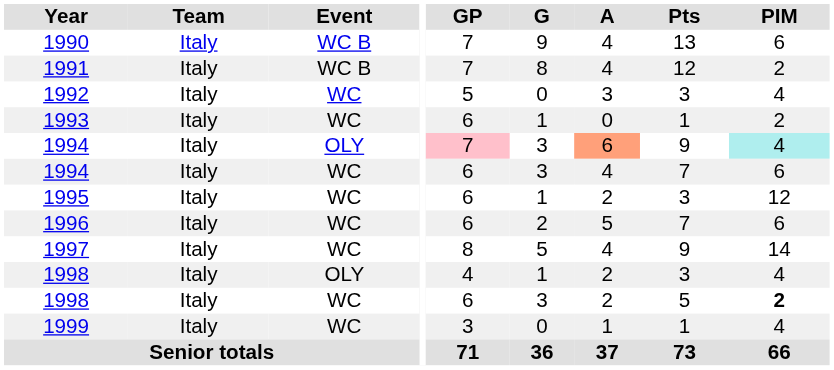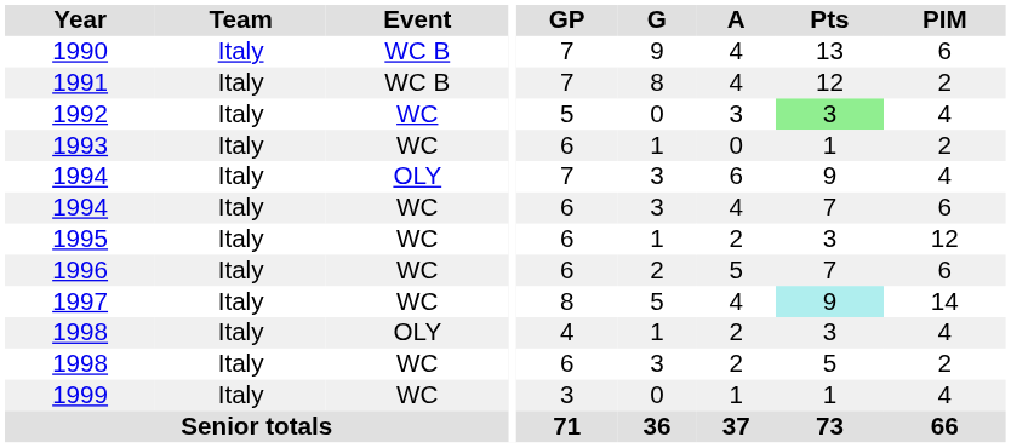 <table border="0" cellpadding="1" cellspacing="0" ID="Table3" style="text-align:center; width:40em">
 <tr bgcolor="#e0e0e0">
 <th>Year</th>
 <th>Team</th>
 <th>Event</th>
 <th rowspan="102" bgcolor="#ffffff"></th>
 <th>GP</th>
 <th>G</th>
 <th>A</th>
 <th>Pts</th>
 <th>PIM</th>
 </tr>
 <tr>
 <td><a href='#'>1990</a></td>
 <td><a href='#'>Italy</a></td>
 <td><a href='#'>WC B</a></td>
 <td>7</td>
 <td>9</td>
 <td>4</td>
 <td>13</td>
 <td>6</td>
 </tr>
 <tr bgcolor="#f0f0f0">
 <td><a href='#'>1991</a></td>
 <td>Italy</td>
 <td>WC B</td>
 <td>7</td>
 <td>8</td>
 <td>4</td>
 <td>12</td>
 <td>2</td>
 </tr>
 <tr>
 <td><a href='#'>1992</a></td>
 <td>Italy</td>
 <td><a href='#'>WC</a></td>
 <td>5</td>
 <td>0</td>
 <td>3</td>
-<td>3</td>
+<td style="background: lightgreen;">3</td>
 <td>4</td>
 </tr>
 <tr bgcolor="#f0f0f0">
 <td><a href='#'>1993</a></td>
 <td>Italy</td>
 <td>WC</td>
 <td>6</td>
 <td>1</td>
 <td>0</td>
 <td>1</td>
 <td>2</td>
 </tr>
 <tr>
 <td><a href='#'>1994</a></td>
 <td>Italy</td>
 <td><a href='#'>OLY</a></td>
-<td style="background: pink;">7</td>
+<td>7</td>
 <td>3</td>
-<td style="background: lightsalmon;">6</td>
+<td>6</td>
 <td>9</td>
-<td style="background: paleturquoise;">4</td>
+<td>4</td>
 </tr>
 <tr bgcolor="#f0f0f0">
 <td><a href='#'>1994</a></td>
 <td>Italy</td>
 <td>WC</td>
 <td>6</td>
 <td>3</td>
 <td>4</td>
 <td>7</td>
 <td>6</td>
 </tr>
 <tr>
 <td><a href='#'>1995</a></td>
 <td>Italy</td>
 <td>WC</td>
 <td>6</td>
 <td>1</td>
 <td>2</td>
 <td>3</td>
 <td>12</td>
 </tr>
 <tr bgcolor="#f0f0f0">
 <td><a href='#'>1996</a></td>
 <td>Italy</td>
 <td>WC</td>
 <td>6</td>
 <td>2</td>
 <td>5</td>
 <td>7</td>
 <td>6</td>
 </tr>
 <tr>
 <td><a href='#'>1997</a></td>
 <td>Italy</td>
 <td>WC</td>
 <td>8</td>
 <td>5</td>
 <td>4</td>
-<td>9</td>
+<td style="background: paleturquoise;">9</td>
 <td>14</td>
 </tr>
 <tr bgcolor="#f0f0f0">
 <td><a href='#'>1998</a></td>
 <td>Italy</td>
 <td>OLY</td>
 <td>4</td>
 <td>1</td>
 <td>2</td>
 <td>3</td>
 <td>4</td>
 </tr>
 <tr>
 <td><a href='#'>1998</a></td>
 <td>Italy</td>
 <td>WC</td>
 <td>6</td>
 <td>3</td>
 <td>2</td>
 <td>5</td>
-<td><strong>2</strong></td>
+<td>2</td>
 </tr>
 <tr bgcolor="#f0f0f0">
 <td><a href='#'>1999</a></td>
 <td>Italy</td>
 <td>WC</td>
 <td>3</td>
 <td>0</td>
 <td>1</td>
 <td>1</td>
 <td>4</td>
 </tr>
 <tr bgcolor="#e0e0e0">
 <th colspan="3">Senior totals</th>
 <th>71</th>
 <th>36</th>
 <th>37</th>
 <th>73</th>
 <th>66</th>
 </tr>
 </table>
